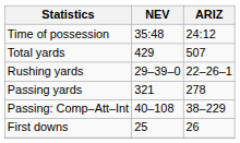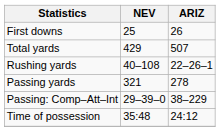 <table class="wikitable" style="float: left;">
 <tr>
 <th>Statistics</th>
 <th>NEV</th>
 <th>ARIZ</th>
 </tr>
 <tr>
-<td>Time of possession</td>
-<td>35:48</td>
-<td>24:12</td>
+<td>First downs</td>
+<td>25</td>
+<td>26</td>
 </tr>
 <tr>
 <td>Total yards</td>
 <td>429</td>
 <td>507</td>
 </tr>
 <tr>
 <td>Rushing yards</td>
-<td>29–39–0</td>
+<td>40–108</td>
 <td>22–26–1</td>
 </tr>
 <tr>
 <td>Passing yards</td>
 <td>321</td>
 <td>278</td>
 </tr>
 <tr>
 <td>Passing: Comp–Att–Int</td>
-<td>40–108</td>
+<td>29–39–0</td>
 <td>38–229</td>
 </tr>
 <tr>
-<td>First downs</td>
-<td>25</td>
-<td>26</td>
+<td>Time of possession</td>
+<td>35:48</td>
+<td>24:12</td>
 </tr>
 <tr>
 </tr>
 </table>
